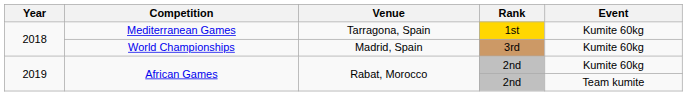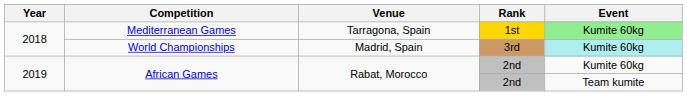 <table class="wikitable sortable" width=45% style="font-size:90%; text-align:center;">
 <tr>
 <th>Year</th>
 <th>Competition</th>
 <th>Venue</th>
 <th>Rank</th>
 <th>Event</th>
 </tr>
 <tr>
 <td rowspan=2>2018</td>
 <td><a href='#'>Mediterranean Games</a></td>
 <td>Tarragona, Spain</td>
 <td bgcolor="gold">1st</td>
-<td>Kumite 60kg</td>
+<td style="background: lightgreen;">Kumite 60kg</td>
 </tr>
 <tr>
 <td><a href='#'>World Championships</a></td>
 <td>Madrid, Spain</td>
 <td bgcolor="cc9966">3rd</td>
-<td>Kumite 60kg</td>
+<td style="background: paleturquoise;">Kumite 60kg</td>
 </tr>
 <tr>
 <td rowspan=2>2019</td>
 <td rowspan=2><a href='#'>African Games</a></td>
 <td rowspan=2>Rabat, Morocco</td>
 <td bgcolor="silver">2nd</td>
 <td>Kumite 60kg</td>
 </tr>
 <tr>
 <td bgcolor="silver">2nd</td>
 <td>Team kumite</td>
 </tr>
 </table>
